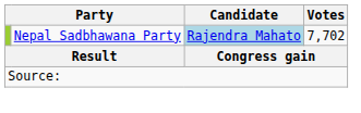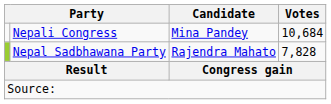 <table class="wikitable">
 <tr>
 <th colspan="2">Party</th>
 <th>Candidate</th>
 <th>Votes</th>
 </tr>
 <tr>
+<td style="background-color:"></td>
+<td><a href='#'>Nepali Congress</a></td>
+<td><a href='#'>Mina Pandey</a></td>
+<td>10,684</td>
+</tr>
+<tr>
 <td style="background-color:yellowgreen"></td>
 <td><a href='#'>Nepal Sadbhawana Party</a></td>
-<td style="background: lightblue;"><a href='#'>Rajendra Mahato</a></td>
-<td>7,702</td>
+<td><a href='#'>Rajendra Mahato</a></td>
+<td>7,828</td>
 </tr>
 <tr>
 <th colspan="2">Result</th>
 <th colspan="2">Congress gain</th>
 </tr>
 <tr>
 <td colspan="4">Source: </td>
 </tr>
 </table>
